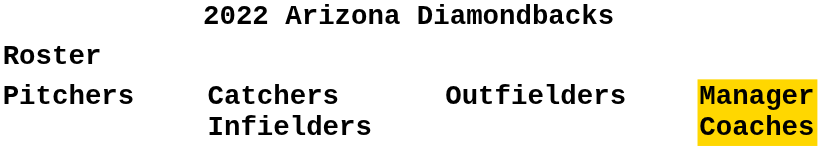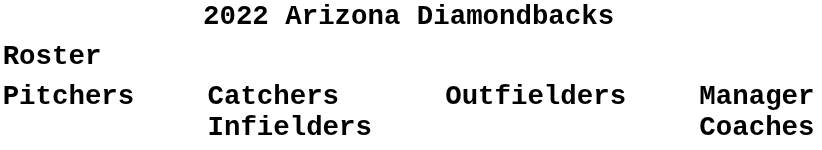 <table class="toccolours" style="font-size: 95%;">
 <tr>
 <th colspan="10">2022 Arizona Diamondbacks</th>
 </tr>
 <tr>
 <td colspan="10"><strong>Roster</strong></td>
 </tr>
 <tr>
 <td valign="top"><strong>Pitchers</strong><br>                                                                        </td>
 <td width="25px"></td>
 <td valign="top"><strong>Catchers</strong><br>       <strong>Infielders</strong>                                </td>
 <td width="25px"></td>
 <td valign="top"><strong>Outfielders</strong><br>                     </td>
 <td width="25px"></td>
-<td valign="top" style="background: gold;"><strong>Manager</strong><br> <strong>Coaches</strong>                            </td>
+<td valign="top"><strong>Manager</strong><br> <strong>Coaches</strong>                            </td>
 </tr>
 <tr>
 </tr>
 </table>
